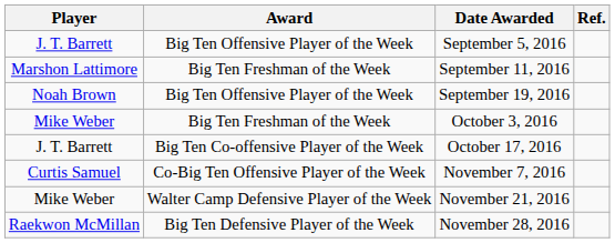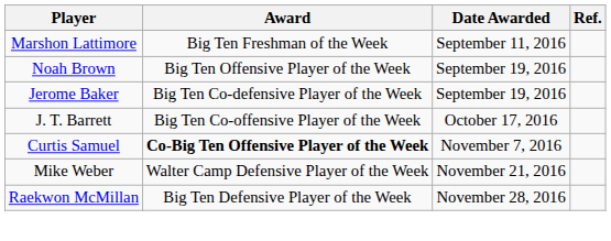 <table class="wikitable sortable sortable" style="text-align: center">
 <tr align=center>
 <th>Player</th>
 <th>Award</th>
 <th>Date Awarded</th>
 <th>Ref.</th>
-</tr>
-<tr>
-<td><a href='#'>J. T. Barrett</a></td>
-<td>Big Ten Offensive Player of the Week</td>
-<td>September 5, 2016</td>
-<td></td>
 </tr>
 <tr>
 <td><a href='#'>Marshon Lattimore</a></td>
 <td>Big Ten Freshman of the Week</td>
 <td>September 11, 2016</td>
 <td></td>
 </tr>
 <tr>
 <td><a href='#'>Noah Brown</a></td>
 <td>Big Ten Offensive Player of the Week</td>
 <td>September 19, 2016</td>
 <td></td>
 </tr>
 <tr>
-<td><a href='#'>Mike Weber</a></td>
-<td>Big Ten Freshman of the Week</td>
-<td>October 3, 2016</td>
+<td><a href='#'>Jerome Baker</a></td>
+<td>Big Ten Co-defensive Player of the Week</td>
+<td>September 19, 2016</td>
 <td></td>
 </tr>
 <tr>
 <td>J. T. Barrett</td>
 <td>Big Ten Co-offensive Player of the Week</td>
 <td>October 17, 2016</td>
 <td></td>
 </tr>
 <tr>
 <td><a href='#'>Curtis Samuel</a></td>
-<td>Co-Big Ten Offensive Player of the Week</td>
+<td><strong>Co-Big Ten Offensive Player of the Week</strong></td>
 <td>November 7, 2016</td>
 <td></td>
 </tr>
 <tr>
 <td>Mike Weber</td>
 <td>Walter Camp Defensive Player of the Week</td>
 <td>November 21, 2016</td>
 <td></td>
 </tr>
 <tr>
 <td><a href='#'>Raekwon McMillan</a></td>
 <td>Big Ten Defensive Player of the Week</td>
 <td>November 28, 2016</td>
 <td></td>
 </tr>
 </table>
